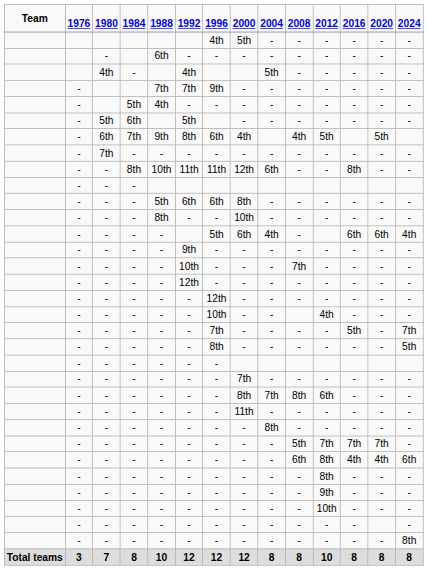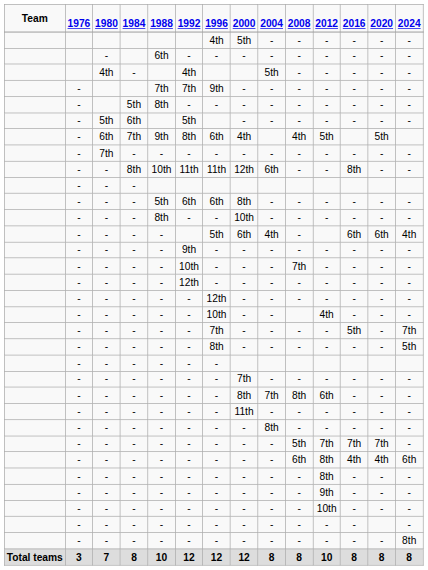 <table class="wikitable" style="text-align:center; font-size:90%">
 <tr bgcolor=>
 <td><strong>Team</strong></td>
 <td><strong><br><a href='#'>1976</a></strong></td>
 <td><strong><br><a href='#'>1980</a></strong></td>
 <td><strong><br><a href='#'>1984</a></strong></td>
 <td><strong><br><a href='#'>1988</a></strong></td>
 <td><strong><br><a href='#'>1992</a></strong></td>
 <td><strong><br><a href='#'>1996</a></strong></td>
 <td><strong><br><a href='#'>2000</a></strong></td>
 <td><strong><br><a href='#'>2004</a></strong></td>
 <td><strong><br><a href='#'>2008</a></strong></td>
 <td><strong><br><a href='#'>2012</a></strong></td>
 <td><strong><br><a href='#'>2016</a></strong></td>
 <td><strong><br><a href='#'>2020</a></strong></td>
 <td><strong><br><a href='#'>2024</a></strong></td>
 </tr>
 <tr>
 </tr>
 <tr>
 <td align=left></td>
 <td></td>
 <td></td>
 <td></td>
 <td></td>
 <td></td>
 <td>4th</td>
 <td>5th</td>
 <td>-</td>
 <td>-</td>
 <td>-</td>
 <td>-</td>
 <td>-</td>
 <td>-</td>
 </tr>
 <tr>
 <td align=left></td>
 <td></td>
 <td>-</td>
 <td></td>
 <td>6th</td>
 <td>-</td>
 <td>-</td>
 <td>-</td>
 <td>-</td>
 <td>-</td>
 <td>-</td>
 <td>-</td>
 <td>-</td>
 <td>-</td>
 </tr>
 <tr>
 <td align=left></td>
 <td></td>
 <td>4th</td>
 <td>-</td>
 <td></td>
 <td>4th</td>
 <td></td>
 <td></td>
 <td>5th</td>
 <td>-</td>
 <td>-</td>
 <td>-</td>
 <td>-</td>
 <td>-</td>
 </tr>
 <tr>
 <td align=left></td>
 <td>-</td>
 <td></td>
 <td></td>
 <td>7th</td>
 <td>7th</td>
 <td>9th</td>
 <td>-</td>
 <td>-</td>
 <td>-</td>
 <td>-</td>
 <td>-</td>
 <td>-</td>
 <td>-</td>
 </tr>
 <tr>
 <td align=left></td>
 <td>-</td>
 <td></td>
 <td>5th</td>
-<td>4th</td>
+<td>8th</td>
 <td>-</td>
 <td>-</td>
 <td>-</td>
 <td>-</td>
 <td>-</td>
 <td>-</td>
 <td>-</td>
 <td>-</td>
 <td>-</td>
 </tr>
 <tr>
 <td align=left></td>
 <td>-</td>
 <td>5th</td>
 <td>6th</td>
 <td></td>
 <td>5th</td>
 <td></td>
 <td>-</td>
 <td>-</td>
 <td>-</td>
 <td>-</td>
 <td>-</td>
 <td>-</td>
 <td>-</td>
 </tr>
 <tr>
 <td align=left></td>
 <td>-</td>
 <td>6th</td>
 <td>7th</td>
 <td>9th</td>
 <td>8th</td>
 <td>6th</td>
 <td>4th</td>
 <td></td>
 <td>4th</td>
 <td>5th</td>
 <td></td>
 <td>5th</td>
 <td></td>
 </tr>
 <tr>
 <td align=left></td>
 <td>-</td>
 <td>7th</td>
 <td>-</td>
 <td>-</td>
 <td>-</td>
 <td>-</td>
 <td>-</td>
 <td>-</td>
 <td>-</td>
 <td>-</td>
 <td>-</td>
 <td>-</td>
 <td>-</td>
 </tr>
 <tr>
 <td align=left></td>
 <td>-</td>
 <td>-</td>
 <td>8th</td>
 <td>10th</td>
 <td>11th</td>
 <td>11th</td>
 <td>12th</td>
 <td>6th</td>
 <td>-</td>
 <td>-</td>
 <td>8th</td>
 <td>-</td>
 <td>-</td>
 </tr>
 <tr>
 <td align=left></td>
 <td>-</td>
 <td>-</td>
 <td>-</td>
 <td></td>
 <td></td>
 <td></td>
 <td></td>
 <td></td>
 <td></td>
 <td></td>
 <td></td>
 <td></td>
 <td></td>
 </tr>
 <tr>
 <td align=left></td>
 <td>-</td>
 <td>-</td>
 <td>-</td>
 <td>5th</td>
 <td>6th</td>
 <td>6th</td>
 <td>8th</td>
 <td>-</td>
 <td>-</td>
 <td>-</td>
 <td>-</td>
 <td>-</td>
 <td>-</td>
 </tr>
 <tr>
 <td align=left></td>
 <td>-</td>
 <td>-</td>
 <td>-</td>
 <td>8th</td>
 <td>-</td>
 <td>-</td>
 <td>10th</td>
 <td>-</td>
 <td>-</td>
 <td>-</td>
 <td>-</td>
 <td>-</td>
 <td>-</td>
 </tr>
 <tr>
 <td align=left></td>
 <td>-</td>
 <td>-</td>
 <td>-</td>
 <td>-</td>
 <td></td>
 <td>5th</td>
 <td>6th</td>
 <td>4th</td>
 <td>-</td>
 <td></td>
 <td>6th</td>
 <td>6th</td>
 <td>4th</td>
 </tr>
 <tr>
 <td align=left></td>
 <td>-</td>
 <td>-</td>
 <td>-</td>
 <td>-</td>
 <td>9th</td>
 <td>-</td>
 <td>-</td>
 <td>-</td>
 <td>-</td>
 <td>-</td>
 <td>-</td>
 <td>-</td>
 <td>-</td>
 </tr>
 <tr>
 <td align=left></td>
 <td>-</td>
 <td>-</td>
 <td>-</td>
 <td>-</td>
 <td>10th</td>
 <td>-</td>
 <td>-</td>
 <td>-</td>
 <td>7th</td>
 <td>-</td>
 <td>-</td>
 <td>-</td>
 <td>-</td>
 </tr>
 <tr>
 <td align=left></td>
 <td>-</td>
 <td>-</td>
 <td>-</td>
 <td>-</td>
 <td>12th</td>
 <td>-</td>
 <td>-</td>
 <td>-</td>
 <td>-</td>
 <td>-</td>
 <td>-</td>
 <td>-</td>
 <td>-</td>
 </tr>
 <tr>
 <td align=left></td>
 <td>-</td>
 <td>-</td>
 <td>-</td>
 <td>-</td>
 <td>-</td>
 <td>12th</td>
 <td>-</td>
 <td>-</td>
 <td>-</td>
 <td>-</td>
 <td>-</td>
 <td>-</td>
 <td>-</td>
 </tr>
 <tr>
 <td align=left></td>
 <td>-</td>
 <td>-</td>
 <td>-</td>
 <td>-</td>
 <td>-</td>
 <td>10th</td>
 <td>-</td>
 <td>-</td>
 <td></td>
 <td>4th</td>
 <td>-</td>
 <td>-</td>
 <td>-</td>
 </tr>
 <tr>
 <td align=left></td>
 <td>-</td>
 <td>-</td>
 <td>-</td>
 <td>-</td>
 <td>-</td>
 <td>7th</td>
 <td>-</td>
 <td>-</td>
 <td>-</td>
 <td>-</td>
 <td>5th</td>
 <td>-</td>
 <td>7th</td>
 </tr>
 <tr>
 <td align=left></td>
 <td>-</td>
 <td>-</td>
 <td>-</td>
 <td>-</td>
 <td>-</td>
 <td>8th</td>
 <td>-</td>
 <td>-</td>
 <td>-</td>
 <td>-</td>
 <td>-</td>
 <td>-</td>
 <td>5th</td>
 </tr>
 <tr>
 <td align=left></td>
 <td>-</td>
 <td>-</td>
 <td>-</td>
 <td>-</td>
 <td>-</td>
 <td>-</td>
 <td></td>
 <td></td>
 <td></td>
 <td></td>
 <td></td>
 <td></td>
 <td></td>
 </tr>
 <tr>
 <td align=left></td>
 <td>-</td>
 <td>-</td>
 <td>-</td>
 <td>-</td>
 <td>-</td>
 <td>-</td>
 <td>7th</td>
 <td>-</td>
 <td>-</td>
 <td>-</td>
 <td>-</td>
 <td>-</td>
 <td>-</td>
 </tr>
 <tr>
 <td align=left></td>
 <td>-</td>
 <td>-</td>
 <td>-</td>
 <td>-</td>
 <td>-</td>
 <td>-</td>
 <td>8th</td>
 <td>7th</td>
 <td>8th</td>
 <td>6th</td>
 <td>-</td>
 <td>-</td>
 <td>-</td>
 </tr>
 <tr>
 <td align=left></td>
 <td>-</td>
 <td>-</td>
 <td>-</td>
 <td>-</td>
 <td>-</td>
 <td>-</td>
 <td>11th</td>
 <td>-</td>
 <td>-</td>
 <td>-</td>
 <td>-</td>
 <td>-</td>
 <td>-</td>
 </tr>
 <tr>
 <td align=left></td>
 <td>-</td>
 <td>-</td>
 <td>-</td>
 <td>-</td>
 <td>-</td>
 <td>-</td>
 <td>-</td>
 <td>8th</td>
 <td>-</td>
 <td>-</td>
 <td>-</td>
 <td>-</td>
 <td>-</td>
 </tr>
 <tr>
 <td align=left></td>
 <td>-</td>
 <td>-</td>
 <td>-</td>
 <td>-</td>
 <td>-</td>
 <td>-</td>
 <td>-</td>
 <td>-</td>
 <td>5th</td>
 <td>7th</td>
 <td>7th</td>
 <td>7th</td>
 <td>-</td>
 </tr>
 <tr>
 <td align=left></td>
 <td>-</td>
 <td>-</td>
 <td>-</td>
 <td>-</td>
 <td>-</td>
 <td>-</td>
 <td>-</td>
 <td>-</td>
 <td>6th</td>
 <td>8th</td>
 <td>4th</td>
 <td>4th</td>
 <td>6th</td>
 </tr>
 <tr>
 <td align=left></td>
 <td>-</td>
 <td>-</td>
 <td>-</td>
 <td>-</td>
 <td>-</td>
 <td>-</td>
 <td>-</td>
 <td>-</td>
 <td>-</td>
 <td>8th</td>
 <td>-</td>
 <td>-</td>
 <td>-</td>
 </tr>
 <tr>
 <td align=left></td>
 <td>-</td>
 <td>-</td>
 <td>-</td>
 <td>-</td>
 <td>-</td>
 <td>-</td>
 <td>-</td>
 <td>-</td>
 <td>-</td>
 <td>9th</td>
 <td>-</td>
 <td>-</td>
 <td>-</td>
 </tr>
 <tr>
 <td align=left></td>
 <td>-</td>
 <td>-</td>
 <td>-</td>
 <td>-</td>
 <td>-</td>
 <td>-</td>
 <td>-</td>
 <td>-</td>
 <td>-</td>
 <td>10th</td>
 <td>-</td>
 <td>-</td>
 <td>-</td>
 </tr>
 <tr>
 <td align=left></td>
 <td>-</td>
 <td>-</td>
 <td>-</td>
 <td>-</td>
 <td>-</td>
 <td>-</td>
 <td>-</td>
 <td>-</td>
 <td>-</td>
 <td>-</td>
 <td>-</td>
 <td></td>
 <td>-</td>
 </tr>
 <tr>
 <td align=left></td>
 <td>-</td>
 <td>-</td>
 <td>-</td>
 <td>-</td>
 <td>-</td>
 <td>-</td>
 <td>-</td>
 <td>-</td>
 <td>-</td>
 <td>-</td>
 <td>-</td>
 <td>-</td>
 <td>8th</td>
 </tr>
 <tr style="background:#ddd" class="sortbottom">
 <td align=left><strong>Total teams</strong></td>
 <td><strong>3</strong></td>
 <td><strong>7</strong></td>
 <td><strong>8</strong></td>
 <td><strong>10</strong></td>
 <td><strong>12</strong></td>
 <td><strong>12</strong></td>
 <td><strong>12</strong></td>
 <td><strong>8</strong></td>
 <td><strong>8</strong></td>
 <td><strong>10</strong></td>
 <td><strong>8</strong></td>
 <td><strong>8</strong></td>
 <td><strong>8</strong></td>
 </tr>
 </table>
